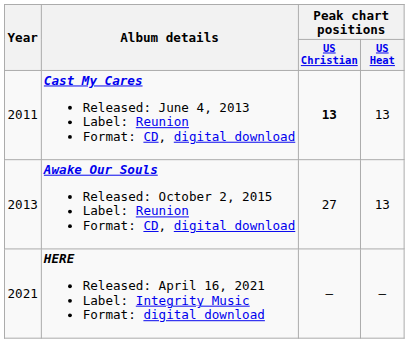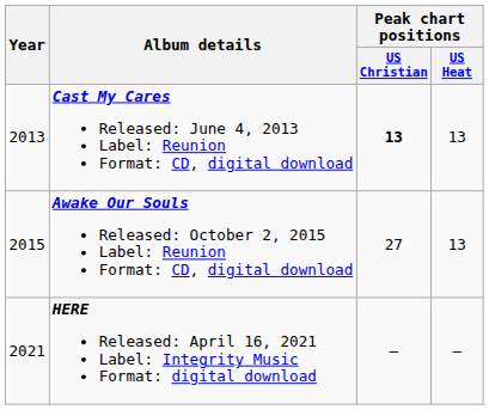 <table class="wikitable" style="text-align:center;">
 <tr>
 <th rowspan="2">Year</th>
 <th rowspan="2">Album details</th>
 <th colspan="3">Peak chart positions</th>
 </tr>
 <tr style="font-size:smaller;">
 <th width="40"><a href='#'>US<br>Christian</a><br></th>
 <th width="40"><a href='#'>US<br>Heat</a><br></th>
 </tr>
 <tr>
-<td>2011</td>
+<td>2013</td>
 <td align="left"><strong><em><a href='#'>Cast My Cares</a></em></strong><br><ul><li>Released: June 4, 2013</li><li>Label: <a href='#'>Reunion</a></li><li>Format: <a href='#'>CD</a>, <a href='#'>digital download</a></li></ul></td>
 <td><strong>13</strong></td>
 <td>13</td>
 </tr>
 <tr>
-<td>2013</td>
+<td>2015</td>
 <td align="left"><strong><em><a href='#'>Awake Our Souls</a></em></strong><br><ul><li>Released: October 2, 2015</li><li>Label: <a href='#'>Reunion</a></li><li>Format: <a href='#'>CD</a>, <a href='#'>digital download</a></li></ul></td>
 <td>27</td>
 <td>13</td>
 </tr>
 <tr>
 <td>2021</td>
 <td align="left"><strong><em>HERE</em></strong><br><ul><li>Released: April 16, 2021</li><li>Label: <a href='#'>Integrity Music</a></li><li>Format: <a href='#'>digital download</a></li></ul></td>
 <td>—</td>
 <td>—</td>
 </tr>
 </table>
